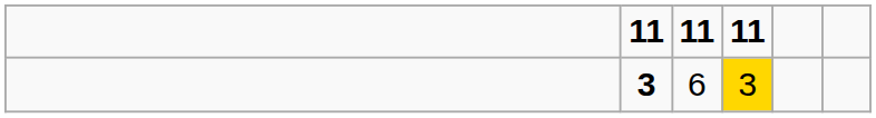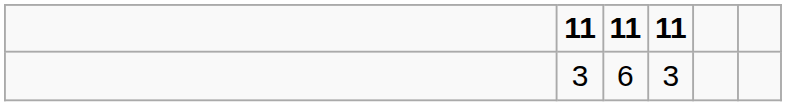 <table class="wikitable">
 <tr>
 <td style="width:18em"></td>
 <td align=center style="width:1em"><strong>11</strong></td>
 <td align=center style="width:1em"><strong>11</strong></td>
 <td align=center style="width:1em"><strong>11</strong></td>
 <td align=center style="width:1em"></td>
 <td align=center style="width:1em"></td>
 </tr>
 <tr>
 <td style="width:18em"></td>
-<td align=center style="width:1em"><strong>3</strong></td>
+<td align=center style="width:1em">3</td>
 <td align=center style="width:1em">6</td>
-<td align=center style="background: gold; width:1em">3</td>
+<td align=center style="width:1em">3</td>
 <td align=center style="width:1em"></td>
 <td align=center style="width:1em"></td>
 </tr>
 </table>
